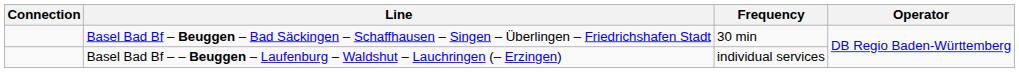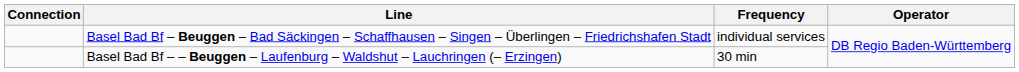 <table class="wikitable">
 <tr>
 <th>Connection</th>
 <th>Line</th>
 <th>Frequency</th>
 <th>Operator</th>
 </tr>
 <tr>
 <td align="center"></td>
 <td><a href='#'>Basel Bad Bf</a> – <strong>Beuggen</strong> – <a href='#'>Bad Säckingen</a> – <a href='#'>Schaffhausen</a> – <a href='#'>Singen</a> – Überlingen – <a href='#'>Friedrichshafen Stadt</a></td>
-<td>30 min</td>
+<td>individual services</td>
 <td rowspan="2"><a href='#'>DB Regio Baden-Württemberg</a></td>
 </tr>
 <tr>
 <td align="center"></td>
 <td>Basel Bad Bf –  – <strong>Beuggen</strong> – <a href='#'>Laufenburg</a> – <a href='#'>Waldshut</a> – <a href='#'>Lauchringen</a> (– <a href='#'>Erzingen</a>)</td>
-<td>individual services</td>
+<td>30 min</td>
 </tr>
 </table>
